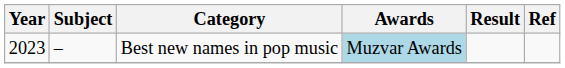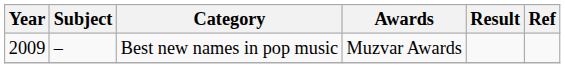 <table class="wikitable">
 <tr>
 <th>Year</th>
 <th>Subject</th>
 <th>Category</th>
 <th>Awards</th>
 <th>Result</th>
 <th>Ref</th>
 </tr>
 <tr>
-<td>2023</td>
+<td>2009</td>
 <td>–</td>
 <td>Best new names in pop music</td>
-<td style="background: lightblue;">Muzvar Awards</td>
+<td>Muzvar Awards</td>
 <td></td>
 <td></td>
 </tr>
 <tr>
 </tr>
 </table>
